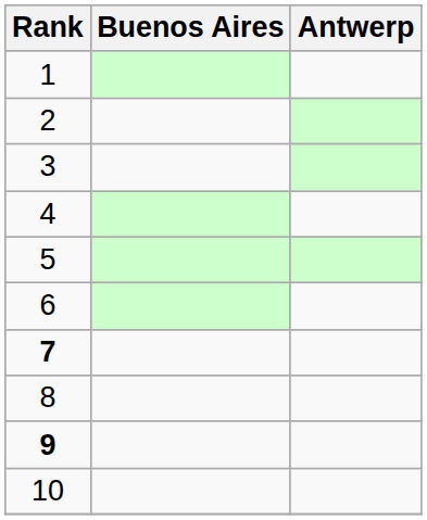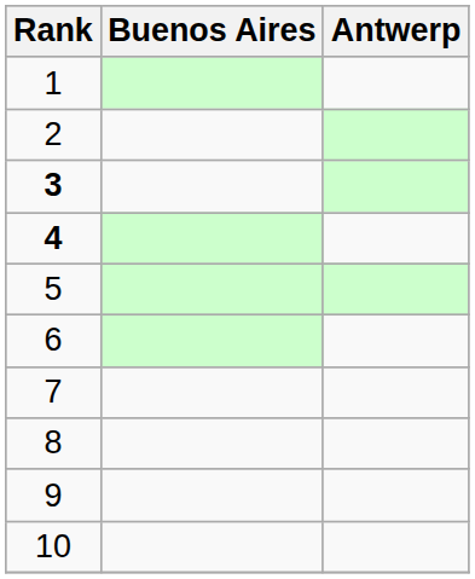 <table class=wikitable>
 <tr>
 <th>Rank</th>
 <th>Buenos Aires</th>
 <th>Antwerp</th>
 </tr>
 <tr>
 <td align=center>1</td>
 <td bgcolor=ccffcc></td>
 <td></td>
 </tr>
 <tr>
 <td align=center>2</td>
 <td></td>
 <td bgcolor=ccffcc></td>
 </tr>
 <tr>
-<td align=center>3</td>
+<td align=center><strong>3</strong></td>
 <td></td>
 <td bgcolor=ccffcc></td>
 </tr>
 <tr>
-<td align=center>4</td>
+<td align=center><strong>4</strong></td>
 <td bgcolor=ccffcc></td>
 <td></td>
 </tr>
 <tr>
 <td align=center>5</td>
 <td bgcolor=ccffcc></td>
 <td bgcolor=ccffcc></td>
 </tr>
 <tr>
 <td align=center>6</td>
 <td bgcolor=ccffcc></td>
 <td></td>
 </tr>
 <tr>
-<td align=center><strong>7</strong></td>
+<td align=center>7</td>
 <td></td>
 <td></td>
 </tr>
 <tr>
 <td align=center>8</td>
 <td></td>
 <td></td>
 </tr>
 <tr>
-<td align=center><strong>9</strong></td>
+<td align=center>9</td>
 <td></td>
 <td></td>
 </tr>
 <tr>
 <td align=center>10</td>
 <td></td>
 <td></td>
 </tr>
 <tr>
 </tr>
 </table>
